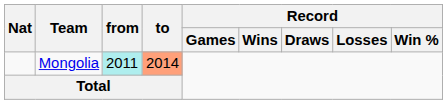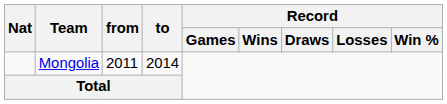 <table class="wikitable" style="text-align: center">
 <tr>
 <th rowspan="2">Nat</th>
 <th rowspan="2">Team</th>
 <th rowspan="2">from</th>
 <th rowspan="2">to</th>
 <th colspan="5">Record</th>
 </tr>
 <tr>
 <th>Games</th>
 <th>Wins</th>
 <th>Draws</th>
 <th>Losses</th>
 <th>Win %</th>
 </tr>
 <tr>
 <td></td>
 <td><a href='#'>Mongolia</a></td>
-<td align="left" style="background: paleturquoise;">2011</td>
-<td align="left" style="background: lightsalmon;">2014<br></td>
+<td align="left">2011</td>
+<td align="left">2014<br></td>
 </tr>
 <tr>
 <th colspan="4">Total<br></th>
 </tr>
 </table>
